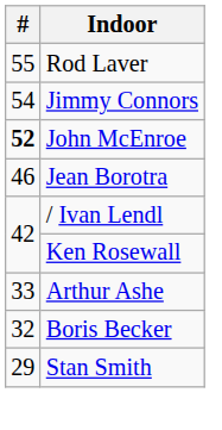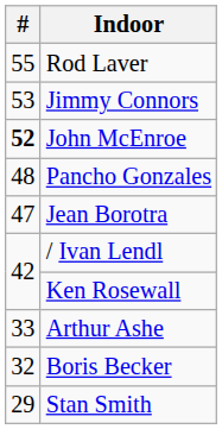 <table class=wikitable style="display:inline-table;">
 <tr>
 <th>#</th>
 <th>Indoor</th>
 </tr>
 <tr>
 <td>55</td>
 <td> Rod Laver</td>
 </tr>
 <tr>
-<td>54</td>
+<td>53</td>
 <td> <a href='#'>Jimmy Connors</a></td>
 </tr>
 <tr>
 <td><strong>52</strong></td>
 <td> <a href='#'>John McEnroe</a></td>
 </tr>
 <tr>
-<td>46</td>
+<td>48</td>
+<td> <a href='#'>Pancho Gonzales</a></td>
+</tr>
+<tr>
+<td>47</td>
 <td> <a href='#'>Jean Borotra</a></td>
 </tr>
 <tr>
 <td rowspan="2">42</td>
 <td>/ <a href='#'>Ivan Lendl</a></td>
 </tr>
 <tr>
 <td> <a href='#'>Ken Rosewall</a></td>
 </tr>
 <tr>
 <td>33</td>
 <td> <a href='#'>Arthur Ashe</a></td>
 </tr>
 <tr>
 <td>32</td>
 <td> <a href='#'>Boris Becker</a></td>
 </tr>
 <tr>
 <td>29</td>
 <td> <a href='#'>Stan Smith</a></td>
 </tr>
 </table>
